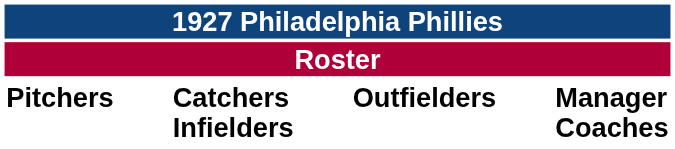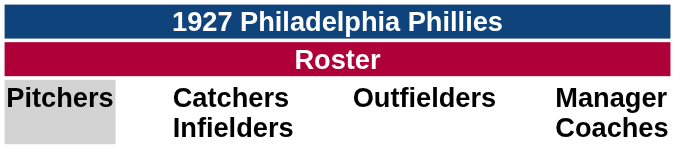 <table class="toccolours" style="font-size: 95%;">
 <tr>
 <th colspan="10" style="background-color: #0f437c; color: white; text-align: center;">1927 Philadelphia Phillies</th>
 </tr>
 <tr>
 <td colspan="10" style="background-color:#af0039; color: white; text-align: center;"><strong>Roster</strong></td>
 </tr>
 <tr>
-<td valign="top"><strong>Pitchers</strong><br>               </td>
+<td valign="top" style="background: lightgrey;"><strong>Pitchers</strong><br>               </td>
 <td width="25px"></td>
 <td valign="top"><strong>Catchers</strong><br>   <strong>Infielders</strong>         </td>
 <td width="25px"></td>
 <td valign="top"><strong>Outfielders</strong><br>     </td>
 <td width="25px"></td>
 <td valign="top"><strong>Manager</strong><br> <strong>Coaches</strong>  </td>
 </tr>
 </table>
